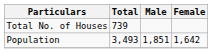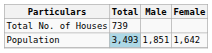 <table class="wikitable sortable">
 <tr>
 <th>Particulars</th>
 <th>Total</th>
 <th>Male</th>
 <th>Female</th>
 </tr>
 <tr>
 <td>Total No. of Houses</td>
 <td>739</td>
 <td></td>
 <td></td>
 </tr>
 <tr>
 <td>Population</td>
-<td>3,493</td>
+<td style="background: lightblue;">3,493</td>
 <td>1,851</td>
 <td>1,642</td>
 </tr>
 <tr>
 </tr>
 </table>
